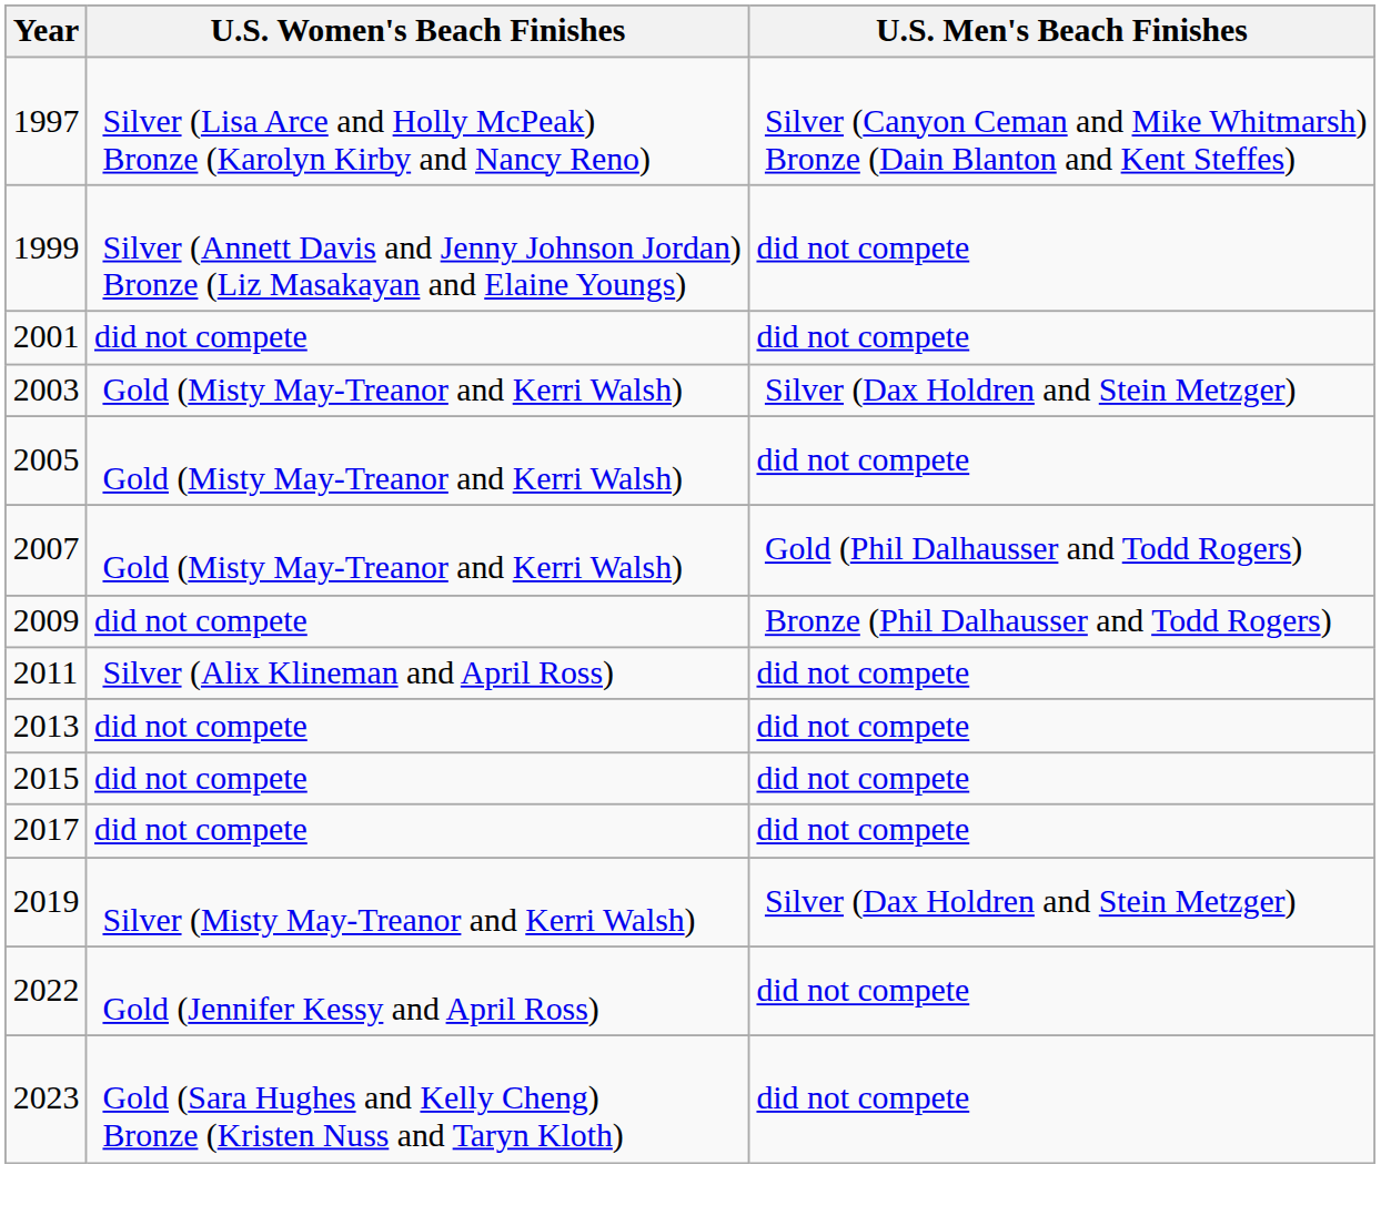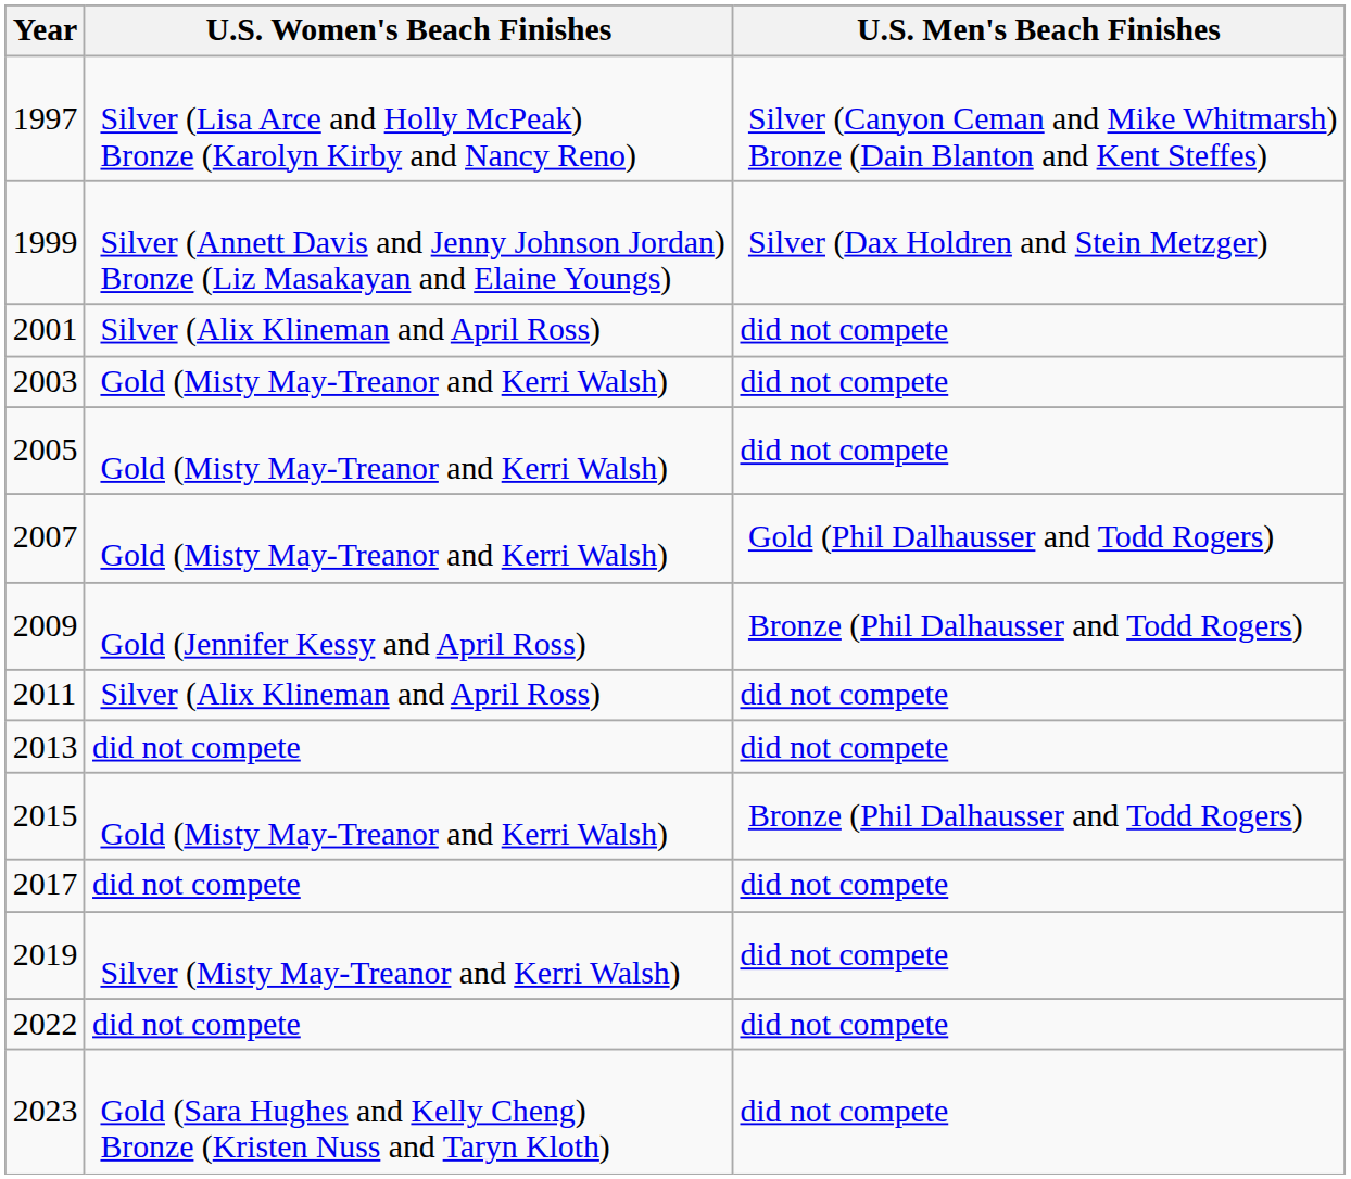 <table class="wikitable">
 <tr>
 <th>Year</th>
 <th>U.S. Women's Beach Finishes</th>
 <th>U.S. Men's Beach Finishes</th>
 </tr>
 <tr>
 <td>1997</td>
 <td><br> <a href='#'>Silver</a> (<a href='#'>Lisa Arce</a> and <a href='#'>Holly McPeak</a>) <br> <a href='#'>Bronze</a> (<a href='#'>Karolyn Kirby</a> and <a href='#'>Nancy Reno</a>)</td>
 <td><br> <a href='#'>Silver</a> (<a href='#'>Canyon Ceman</a> and <a href='#'>Mike Whitmarsh</a>) <br> <a href='#'>Bronze</a> (<a href='#'>Dain Blanton</a> and <a href='#'>Kent Steffes</a>)</td>
 </tr>
 <tr>
 <td>1999</td>
 <td><br> <a href='#'>Silver</a> (<a href='#'>Annett Davis</a> and <a href='#'>Jenny Johnson Jordan</a>) <br> <a href='#'>Bronze</a> (<a href='#'>Liz Masakayan</a> and <a href='#'>Elaine Youngs</a>)</td>
-<td><a href='#'>did not compete</a></td>
+<td> <a href='#'>Silver</a> (<a href='#'>Dax Holdren</a> and <a href='#'>Stein Metzger</a>)</td>
 </tr>
 <tr>
 <td>2001</td>
-<td><a href='#'>did not compete</a></td>
+<td> <a href='#'>Silver</a> (<a href='#'>Alix Klineman</a> and <a href='#'>April Ross</a>)</td>
 <td><a href='#'>did not compete</a></td>
 </tr>
 <tr>
 <td>2003</td>
 <td> <a href='#'>Gold</a> (<a href='#'>Misty May-Treanor</a> and <a href='#'>Kerri Walsh</a>)</td>
-<td> <a href='#'>Silver</a> (<a href='#'>Dax Holdren</a> and <a href='#'>Stein Metzger</a>)</td>
+<td><a href='#'>did not compete</a></td>
 </tr>
 <tr>
 <td>2005</td>
 <td><br> <a href='#'>Gold</a> (<a href='#'>Misty May-Treanor</a> and <a href='#'>Kerri Walsh</a>)</td>
 <td><a href='#'>did not compete</a></td>
 </tr>
 <tr>
 <td>2007</td>
 <td><br> <a href='#'>Gold</a> (<a href='#'>Misty May-Treanor</a> and <a href='#'>Kerri Walsh</a>)</td>
 <td> <a href='#'>Gold</a> (<a href='#'>Phil Dalhausser</a> and <a href='#'>Todd Rogers</a>)</td>
 </tr>
 <tr>
 <td>2009</td>
-<td><a href='#'>did not compete</a></td>
+<td><br> <a href='#'>Gold</a> (<a href='#'>Jennifer Kessy</a> and <a href='#'>April Ross</a>)</td>
 <td> <a href='#'>Bronze</a> (<a href='#'>Phil Dalhausser</a> and <a href='#'>Todd Rogers</a>)</td>
 </tr>
 <tr>
 <td>2011</td>
 <td> <a href='#'>Silver</a> (<a href='#'>Alix Klineman</a> and <a href='#'>April Ross</a>)</td>
 <td><a href='#'>did not compete</a></td>
 </tr>
 <tr>
 <td>2013</td>
 <td><a href='#'>did not compete</a></td>
 <td><a href='#'>did not compete</a></td>
 </tr>
 <tr>
 <td>2015</td>
-<td><a href='#'>did not compete</a></td>
-<td><a href='#'>did not compete</a></td>
+<td><br> <a href='#'>Gold</a> (<a href='#'>Misty May-Treanor</a> and <a href='#'>Kerri Walsh</a>)</td>
+<td> <a href='#'>Bronze</a> (<a href='#'>Phil Dalhausser</a> and <a href='#'>Todd Rogers</a>)</td>
 </tr>
 <tr>
 <td>2017</td>
 <td><a href='#'>did not compete</a></td>
 <td><a href='#'>did not compete</a></td>
 </tr>
 <tr>
 <td>2019</td>
 <td><br> <a href='#'>Silver</a> (<a href='#'>Misty May-Treanor</a> and <a href='#'>Kerri Walsh</a>)</td>
-<td> <a href='#'>Silver</a> (<a href='#'>Dax Holdren</a> and <a href='#'>Stein Metzger</a>)</td>
+<td><a href='#'>did not compete</a></td>
 </tr>
 <tr>
 <td>2022</td>
-<td><br> <a href='#'>Gold</a> (<a href='#'>Jennifer Kessy</a> and <a href='#'>April Ross</a>)</td>
+<td><a href='#'>did not compete</a></td>
 <td><a href='#'>did not compete</a></td>
 </tr>
 <tr>
 <td>2023</td>
 <td><br> <a href='#'>Gold</a> (<a href='#'>Sara Hughes</a> and <a href='#'>Kelly Cheng</a>) <br> <a href='#'>Bronze</a> (<a href='#'>Kristen Nuss</a> and <a href='#'>Taryn Kloth</a>)</td>
 <td><a href='#'>did not compete</a></td>
 </tr>
 </table>
